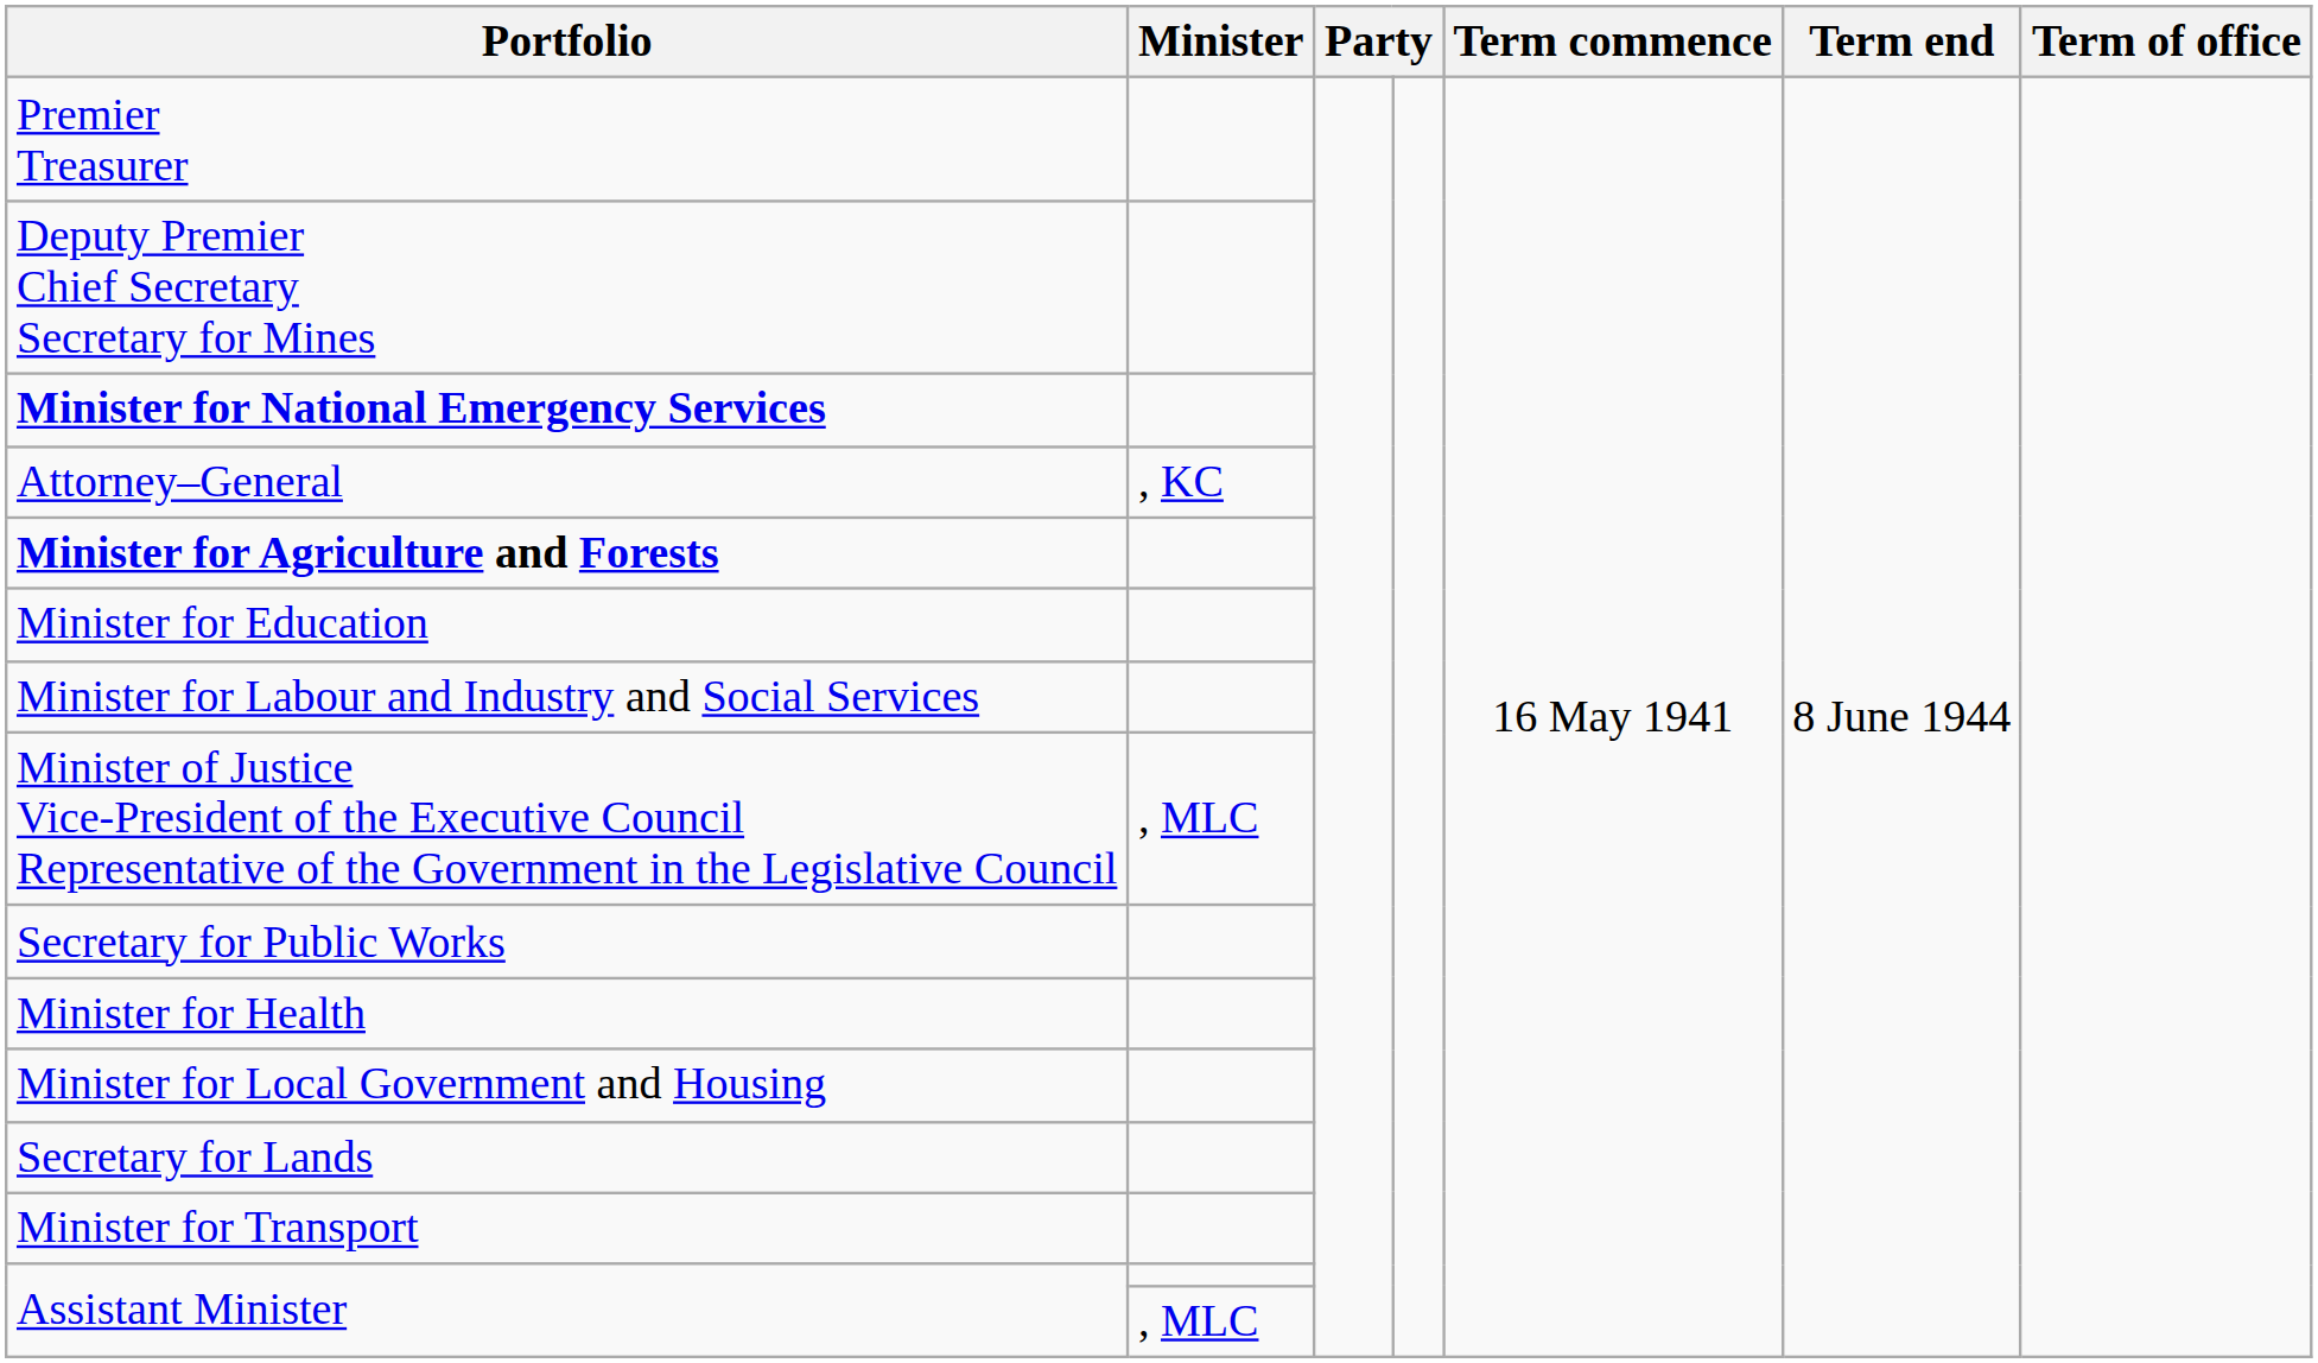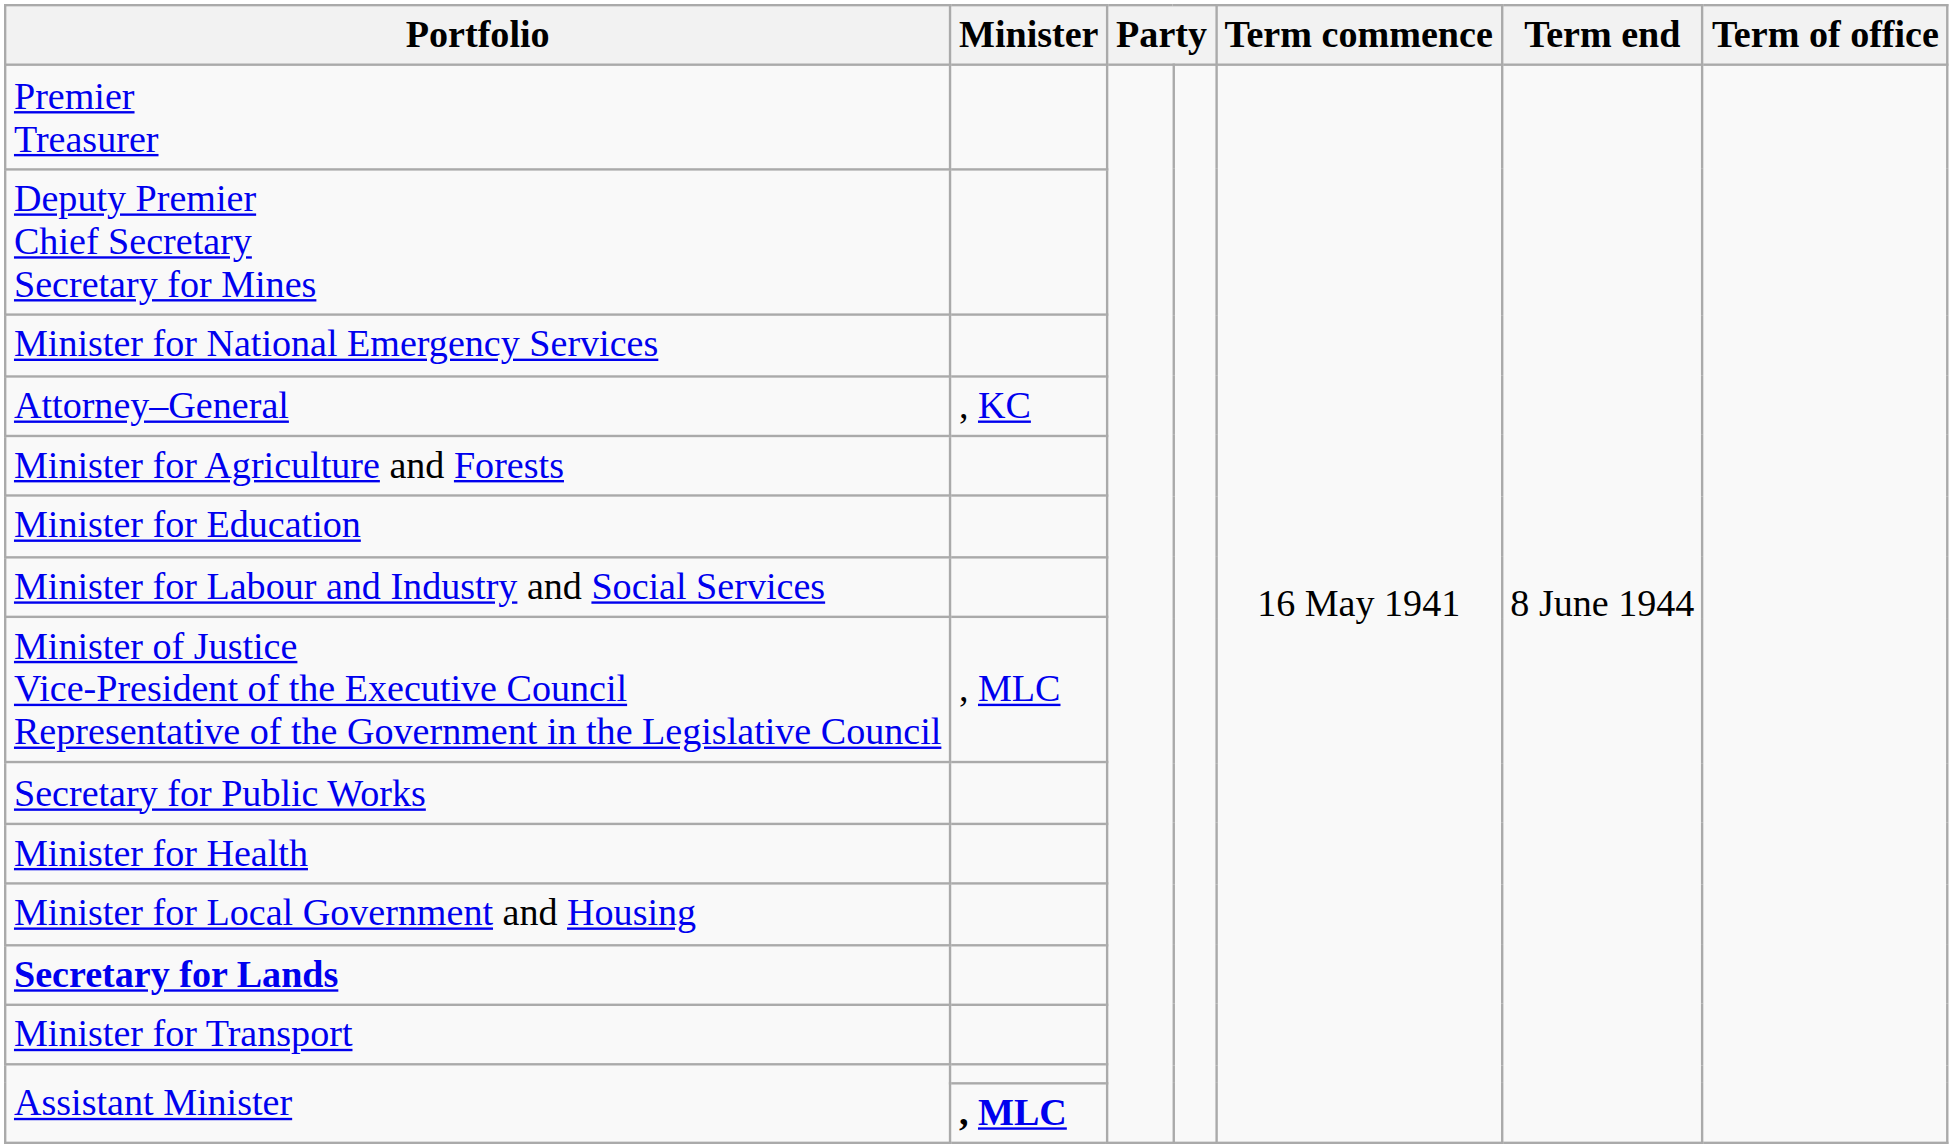 <table class="wikitable sortable">
 <tr>
 <th>Portfolio</th>
 <th>Minister</th>
 <th colspan="2">Party</th>
 <th>Term commence</th>
 <th>Term end</th>
 <th>Term of office</th>
 </tr>
 <tr>
 <td><a href='#'>Premier</a><br><a href='#'>Treasurer</a></td>
 <td></td>
 <td rowspan="15" > </td>
 <td rowspan=15></td>
 <td rowspan=15 align="center">16 May 1941</td>
 <td rowspan=15 align="center">8 June 1944</td>
 <td rowspan=15 align="center"></td>
 </tr>
 <tr>
 <td><a href='#'>Deputy Premier</a><br><a href='#'>Chief Secretary</a><br><a href='#'>Secretary for Mines</a></td>
 <td></td>
 </tr>
 <tr>
-<td><strong><a href='#'>Minister for National Emergency Services</a></strong></td>
+<td><a href='#'>Minister for National Emergency Services</a></td>
 <td></td>
 </tr>
 <tr>
 <td><a href='#'>Attorney–General</a></td>
 <td>, <a href='#'>KC</a></td>
 </tr>
 <tr>
-<td><strong><a href='#'>Minister for Agriculture</a> and <a href='#'>Forests</a></strong></td>
+<td><a href='#'>Minister for Agriculture</a> and <a href='#'>Forests</a></td>
 <td></td>
 </tr>
 <tr>
 <td><a href='#'>Minister for Education</a></td>
 <td></td>
 </tr>
 <tr>
 <td><a href='#'>Minister for Labour and Industry</a> and <a href='#'>Social Services</a></td>
 <td></td>
 </tr>
 <tr>
 <td><a href='#'>Minister of Justice</a><br><a href='#'>Vice-President of the Executive Council</a><br><a href='#'>Representative of the Government in the Legislative Council</a></td>
 <td>, <a href='#'>MLC</a></td>
 </tr>
 <tr>
 <td><a href='#'>Secretary for Public Works</a></td>
 <td></td>
 </tr>
 <tr>
 <td><a href='#'>Minister for Health</a></td>
 <td></td>
 </tr>
 <tr>
 <td><a href='#'>Minister for Local Government</a> and <a href='#'>Housing</a></td>
 <td></td>
 </tr>
 <tr>
-<td><a href='#'>Secretary for Lands</a></td>
+<td><strong><a href='#'>Secretary for Lands</a></strong></td>
 <td></td>
 </tr>
 <tr>
 <td><a href='#'>Minister for Transport</a></td>
 <td></td>
 </tr>
 <tr>
 <td rowspan=2><a href='#'>Assistant Minister</a></td>
 <td></td>
 </tr>
 <tr>
-<td>, <a href='#'>MLC</a></td>
+<td><strong>, <a href='#'>MLC</a></strong></td>
 </tr>
 </table>
